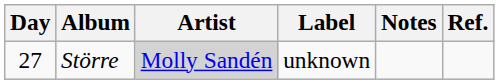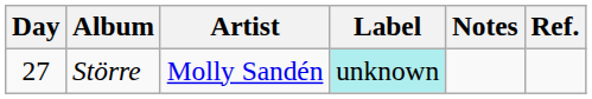 <table class="wikitable">
 <tr>
 <th>Day</th>
 <th>Album</th>
 <th>Artist</th>
 <th>Label</th>
 <th>Notes</th>
 <th>Ref.</th>
 </tr>
 <tr>
 <td rowspan="3" style="text-align:center;">27</td>
 <td><em>Större</em></td>
-<td style="background: lightgrey;"><a href='#'>Molly Sandén</a></td>
-<td>unknown</td>
+<td><a href='#'>Molly Sandén</a></td>
+<td style="background: paleturquoise;">unknown</td>
 <td></td>
 <td style="text-align:center;"></td>
 </tr>
 </table>
